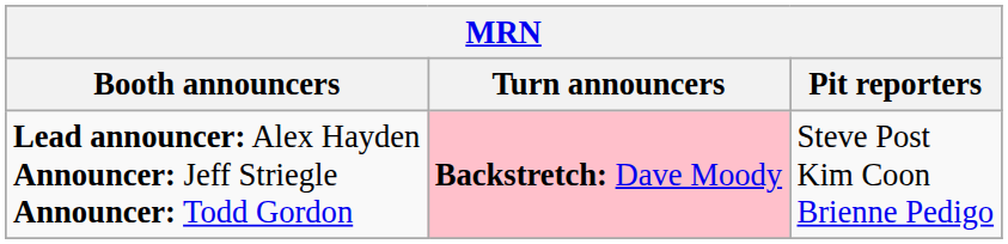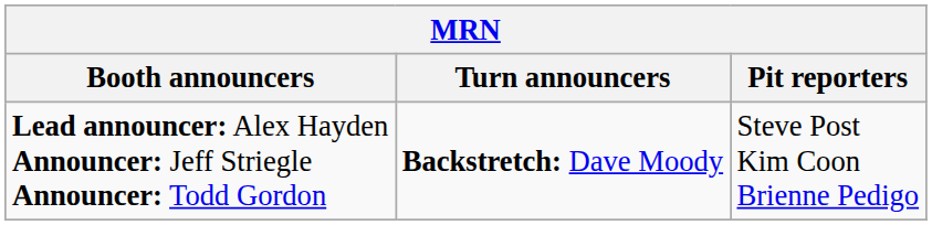 <table class="wikitable" style="font-size: 95%">
 <tr>
 <th colspan="3"><a href='#'>MRN</a></th>
 </tr>
 <tr>
 <th>Booth announcers</th>
 <th>Turn announcers</th>
 <th>Pit reporters</th>
 </tr>
 <tr>
 <td><strong>Lead announcer:</strong> Alex Hayden<br><strong>Announcer:</strong> Jeff Striegle<br><strong>Announcer:</strong> <a href='#'>Todd Gordon</a></td>
-<td style="background: pink;"><strong>Backstretch:</strong> <a href='#'>Dave Moody</a></td>
+<td><strong>Backstretch:</strong> <a href='#'>Dave Moody</a></td>
 <td>Steve Post<br>Kim Coon<br><a href='#'>Brienne Pedigo</a></td>
 </tr>
 </table>
